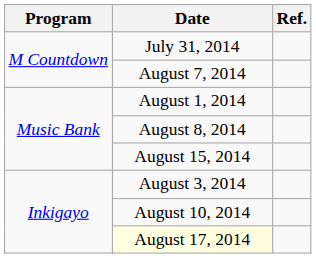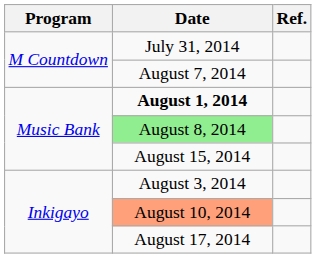 <table class="wikitable" style="text-align:center">
 <tr>
 <th>Program</th>
 <th width="140">Date</th>
 <th>Ref.</th>
 </tr>
 <tr>
 <td rowspan="2"><em><a href='#'>M Countdown</a></em></td>
 <td>July 31, 2014</td>
 <td></td>
 </tr>
 <tr>
 <td>August 7, 2014</td>
 <td></td>
 </tr>
 <tr>
 <td rowspan="3"><em><a href='#'>Music Bank</a></em></td>
-<td>August 1, 2014</td>
+<td><strong>August 1, 2014</strong></td>
 <td></td>
 </tr>
 <tr>
-<td>August 8, 2014</td>
+<td style="background: lightgreen;">August 8, 2014</td>
 <td></td>
 </tr>
 <tr>
 <td>August 15, 2014</td>
 <td></td>
 </tr>
 <tr>
 <td rowspan="3"><em><a href='#'>Inkigayo</a></em></td>
 <td>August 3, 2014</td>
 <td></td>
 </tr>
 <tr>
-<td>August 10, 2014</td>
+<td style="background: lightsalmon;">August 10, 2014</td>
 <td></td>
 </tr>
 <tr>
-<td style="background: lightyellow;">August 17, 2014</td>
+<td>August 17, 2014</td>
 <td></td>
 </tr>
 </table>
